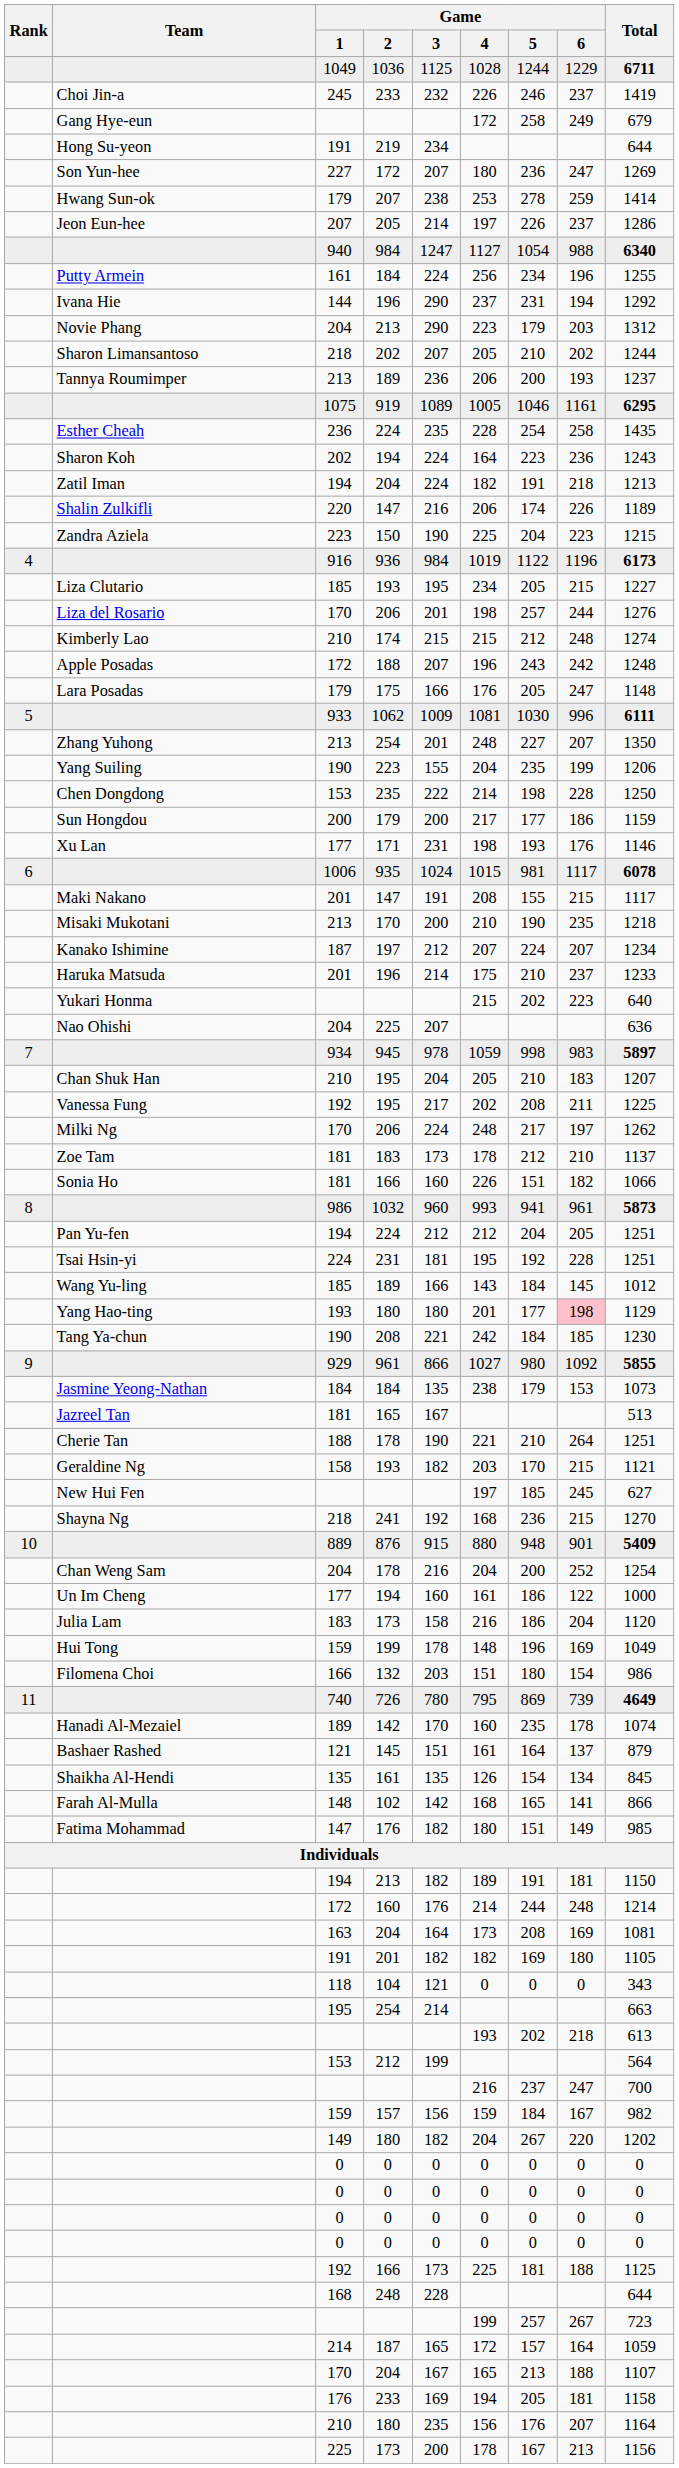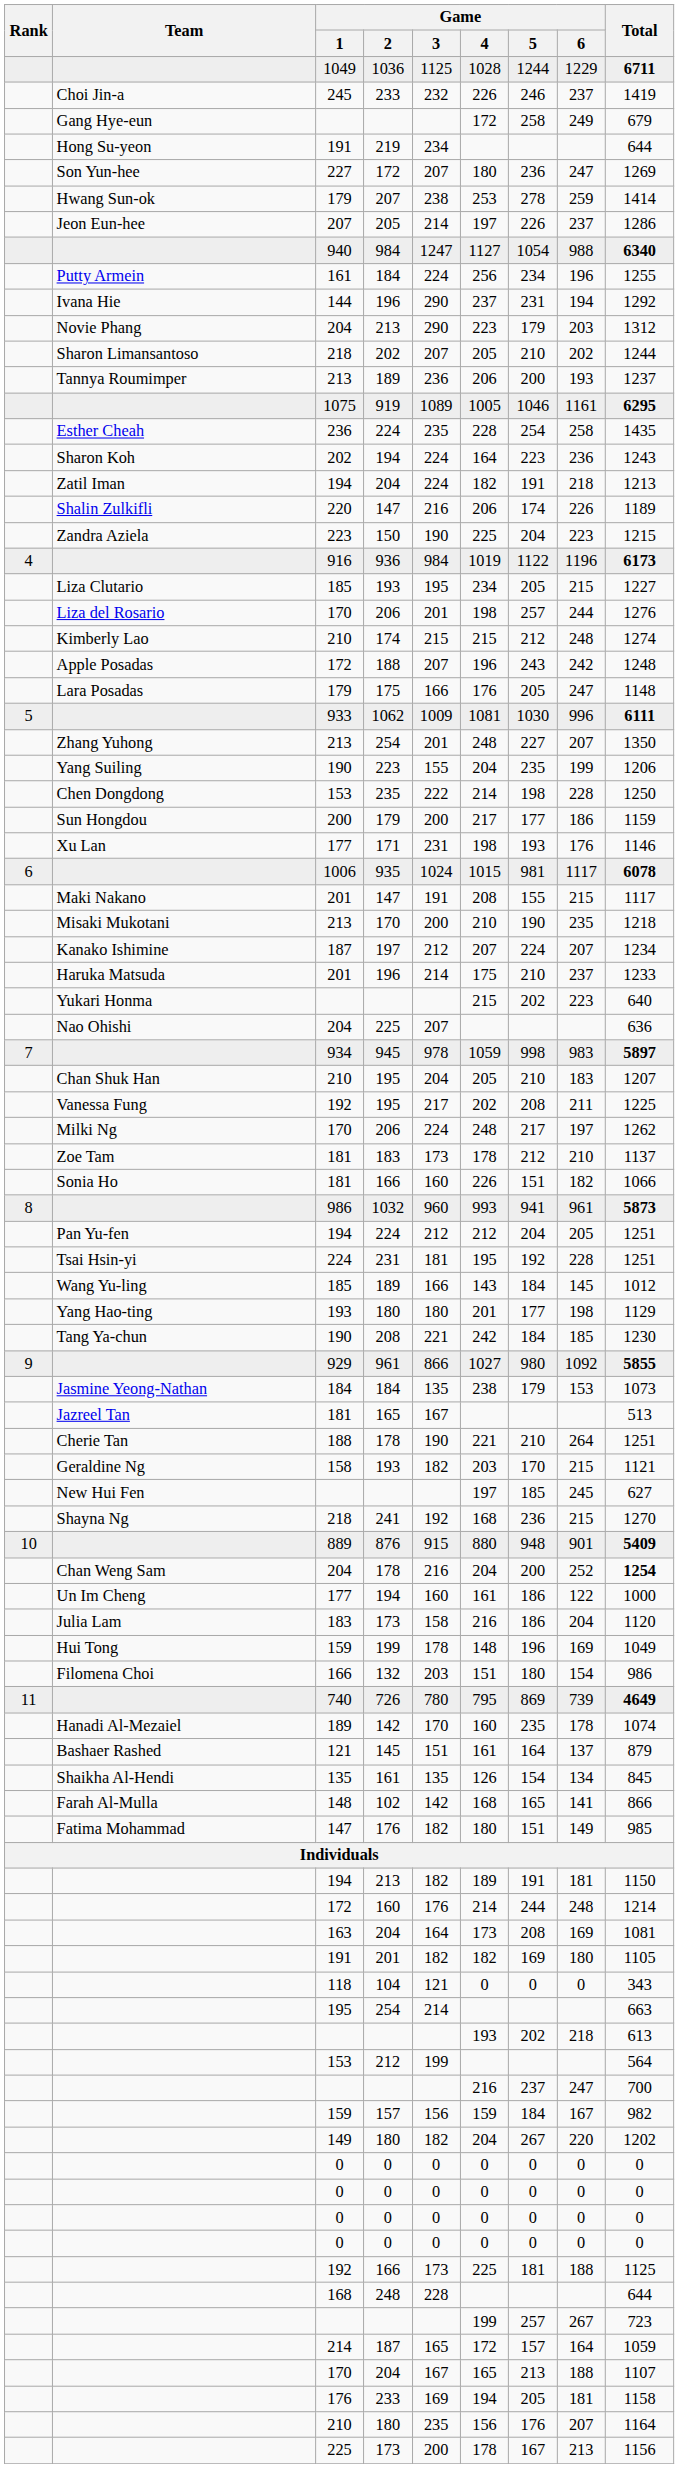 <table class=wikitable style="text-align:center">
 <tr>
 <th rowspan="2" width=40>Rank</th>
 <th rowspan="2" width=250>Team</th>
 <th colspan="6">Game</th>
 <th rowspan="2" width=60>Total</th>
 </tr>
 <tr>
 <th width=40>1</th>
 <th width=40>2</th>
 <th width=40>3</th>
 <th width=40>4</th>
 <th width=40>5</th>
 <th width=40>6</th>
 </tr>
 <tr bgcolor=eeeeee>
 <td></td>
 <td align=left></td>
 <td>1049</td>
 <td>1036</td>
 <td>1125</td>
 <td>1028</td>
 <td>1244</td>
 <td>1229</td>
 <td><strong>6711</strong></td>
 </tr>
 <tr>
 <td></td>
 <td align=left>Choi Jin-a</td>
 <td>245</td>
 <td>233</td>
 <td>232</td>
 <td>226</td>
 <td>246</td>
 <td>237</td>
 <td>1419</td>
 </tr>
 <tr>
 <td></td>
 <td align=left>Gang Hye-eun</td>
 <td></td>
 <td></td>
 <td></td>
 <td>172</td>
 <td>258</td>
 <td>249</td>
 <td>679</td>
 </tr>
 <tr>
 <td></td>
 <td align=left>Hong Su-yeon</td>
 <td>191</td>
 <td>219</td>
 <td>234</td>
 <td></td>
 <td></td>
 <td></td>
 <td>644</td>
 </tr>
 <tr>
 <td></td>
 <td align=left>Son Yun-hee</td>
 <td>227</td>
 <td>172</td>
 <td>207</td>
 <td>180</td>
 <td>236</td>
 <td>247</td>
 <td>1269</td>
 </tr>
 <tr>
 <td></td>
 <td align=left>Hwang Sun-ok</td>
 <td>179</td>
 <td>207</td>
 <td>238</td>
 <td>253</td>
 <td>278</td>
 <td>259</td>
 <td>1414</td>
 </tr>
 <tr>
 <td></td>
 <td align=left>Jeon Eun-hee</td>
 <td>207</td>
 <td>205</td>
 <td>214</td>
 <td>197</td>
 <td>226</td>
 <td>237</td>
 <td>1286</td>
 </tr>
 <tr bgcolor=eeeeee>
 <td></td>
 <td align=left></td>
 <td>940</td>
 <td>984</td>
 <td>1247</td>
 <td>1127</td>
 <td>1054</td>
 <td>988</td>
 <td><strong>6340</strong></td>
 </tr>
 <tr>
 <td></td>
 <td align=left><a href='#'>Putty Armein</a></td>
 <td>161</td>
 <td>184</td>
 <td>224</td>
 <td>256</td>
 <td>234</td>
 <td>196</td>
 <td>1255</td>
 </tr>
 <tr>
 <td></td>
 <td align=left>Ivana Hie</td>
 <td>144</td>
 <td>196</td>
 <td>290</td>
 <td>237</td>
 <td>231</td>
 <td>194</td>
 <td>1292</td>
 </tr>
 <tr>
 <td></td>
 <td align=left>Novie Phang</td>
 <td>204</td>
 <td>213</td>
 <td>290</td>
 <td>223</td>
 <td>179</td>
 <td>203</td>
 <td>1312</td>
 </tr>
 <tr>
 <td></td>
 <td align=left>Sharon Limansantoso</td>
 <td>218</td>
 <td>202</td>
 <td>207</td>
 <td>205</td>
 <td>210</td>
 <td>202</td>
 <td>1244</td>
 </tr>
 <tr>
 <td></td>
 <td align=left>Tannya Roumimper</td>
 <td>213</td>
 <td>189</td>
 <td>236</td>
 <td>206</td>
 <td>200</td>
 <td>193</td>
 <td>1237</td>
 </tr>
 <tr bgcolor=eeeeee>
 <td></td>
 <td align=left></td>
 <td>1075</td>
 <td>919</td>
 <td>1089</td>
 <td>1005</td>
 <td>1046</td>
 <td>1161</td>
 <td><strong>6295</strong></td>
 </tr>
 <tr>
 <td></td>
 <td align=left><a href='#'>Esther Cheah</a></td>
 <td>236</td>
 <td>224</td>
 <td>235</td>
 <td>228</td>
 <td>254</td>
 <td>258</td>
 <td>1435</td>
 </tr>
 <tr>
 <td></td>
 <td align=left>Sharon Koh</td>
 <td>202</td>
 <td>194</td>
 <td>224</td>
 <td>164</td>
 <td>223</td>
 <td>236</td>
 <td>1243</td>
 </tr>
 <tr>
 <td></td>
 <td align=left>Zatil Iman</td>
 <td>194</td>
 <td>204</td>
 <td>224</td>
 <td>182</td>
 <td>191</td>
 <td>218</td>
 <td>1213</td>
 </tr>
 <tr>
 <td></td>
 <td align=left><a href='#'>Shalin Zulkifli</a></td>
 <td>220</td>
 <td>147</td>
 <td>216</td>
 <td>206</td>
 <td>174</td>
 <td>226</td>
 <td>1189</td>
 </tr>
 <tr>
 <td></td>
 <td align=left>Zandra Aziela</td>
 <td>223</td>
 <td>150</td>
 <td>190</td>
 <td>225</td>
 <td>204</td>
 <td>223</td>
 <td>1215</td>
 </tr>
 <tr bgcolor=eeeeee>
 <td>4</td>
 <td align=left></td>
 <td>916</td>
 <td>936</td>
 <td>984</td>
 <td>1019</td>
 <td>1122</td>
 <td>1196</td>
 <td><strong>6173</strong></td>
 </tr>
 <tr>
 <td></td>
 <td align=left>Liza Clutario</td>
 <td>185</td>
 <td>193</td>
 <td>195</td>
 <td>234</td>
 <td>205</td>
 <td>215</td>
 <td>1227</td>
 </tr>
 <tr>
 <td></td>
 <td align=left><a href='#'>Liza del Rosario</a></td>
 <td>170</td>
 <td>206</td>
 <td>201</td>
 <td>198</td>
 <td>257</td>
 <td>244</td>
 <td>1276</td>
 </tr>
 <tr>
 <td></td>
 <td align=left>Kimberly Lao</td>
 <td>210</td>
 <td>174</td>
 <td>215</td>
 <td>215</td>
 <td>212</td>
 <td>248</td>
 <td>1274</td>
 </tr>
 <tr>
 <td></td>
 <td align=left>Apple Posadas</td>
 <td>172</td>
 <td>188</td>
 <td>207</td>
 <td>196</td>
 <td>243</td>
 <td>242</td>
 <td>1248</td>
 </tr>
 <tr>
 <td></td>
 <td align=left>Lara Posadas</td>
 <td>179</td>
 <td>175</td>
 <td>166</td>
 <td>176</td>
 <td>205</td>
 <td>247</td>
 <td>1148</td>
 </tr>
 <tr bgcolor=eeeeee>
 <td>5</td>
 <td align=left></td>
 <td>933</td>
 <td>1062</td>
 <td>1009</td>
 <td>1081</td>
 <td>1030</td>
 <td>996</td>
 <td><strong>6111</strong></td>
 </tr>
 <tr>
 <td></td>
 <td align=left>Zhang Yuhong</td>
 <td>213</td>
 <td>254</td>
 <td>201</td>
 <td>248</td>
 <td>227</td>
 <td>207</td>
 <td>1350</td>
 </tr>
 <tr>
 <td></td>
 <td align=left>Yang Suiling</td>
 <td>190</td>
 <td>223</td>
 <td>155</td>
 <td>204</td>
 <td>235</td>
 <td>199</td>
 <td>1206</td>
 </tr>
 <tr>
 <td></td>
 <td align=left>Chen Dongdong</td>
 <td>153</td>
 <td>235</td>
 <td>222</td>
 <td>214</td>
 <td>198</td>
 <td>228</td>
 <td>1250</td>
 </tr>
 <tr>
 <td></td>
 <td align=left>Sun Hongdou</td>
 <td>200</td>
 <td>179</td>
 <td>200</td>
 <td>217</td>
 <td>177</td>
 <td>186</td>
 <td>1159</td>
 </tr>
 <tr>
 <td></td>
 <td align=left>Xu Lan</td>
 <td>177</td>
 <td>171</td>
 <td>231</td>
 <td>198</td>
 <td>193</td>
 <td>176</td>
 <td>1146</td>
 </tr>
 <tr bgcolor=eeeeee>
 <td>6</td>
 <td align=left></td>
 <td>1006</td>
 <td>935</td>
 <td>1024</td>
 <td>1015</td>
 <td>981</td>
 <td>1117</td>
 <td><strong>6078</strong></td>
 </tr>
 <tr>
 <td></td>
 <td align=left>Maki Nakano</td>
 <td>201</td>
 <td>147</td>
 <td>191</td>
 <td>208</td>
 <td>155</td>
 <td>215</td>
 <td>1117</td>
 </tr>
 <tr>
 <td></td>
 <td align=left>Misaki Mukotani</td>
 <td>213</td>
 <td>170</td>
 <td>200</td>
 <td>210</td>
 <td>190</td>
 <td>235</td>
 <td>1218</td>
 </tr>
 <tr>
 <td></td>
 <td align=left>Kanako Ishimine</td>
 <td>187</td>
 <td>197</td>
 <td>212</td>
 <td>207</td>
 <td>224</td>
 <td>207</td>
 <td>1234</td>
 </tr>
 <tr>
 <td></td>
 <td align=left>Haruka Matsuda</td>
 <td>201</td>
 <td>196</td>
 <td>214</td>
 <td>175</td>
 <td>210</td>
 <td>237</td>
 <td>1233</td>
 </tr>
 <tr>
 <td></td>
 <td align=left>Yukari Honma</td>
 <td></td>
 <td></td>
 <td></td>
 <td>215</td>
 <td>202</td>
 <td>223</td>
 <td>640</td>
 </tr>
 <tr>
 <td></td>
 <td align=left>Nao Ohishi</td>
 <td>204</td>
 <td>225</td>
 <td>207</td>
 <td></td>
 <td></td>
 <td></td>
 <td>636</td>
 </tr>
 <tr bgcolor=eeeeee>
 <td>7</td>
 <td align=left></td>
 <td>934</td>
 <td>945</td>
 <td>978</td>
 <td>1059</td>
 <td>998</td>
 <td>983</td>
 <td><strong>5897</strong></td>
 </tr>
 <tr>
 <td></td>
 <td align=left>Chan Shuk Han</td>
 <td>210</td>
 <td>195</td>
 <td>204</td>
 <td>205</td>
 <td>210</td>
 <td>183</td>
 <td>1207</td>
 </tr>
 <tr>
 <td></td>
 <td align=left>Vanessa Fung</td>
 <td>192</td>
 <td>195</td>
 <td>217</td>
 <td>202</td>
 <td>208</td>
 <td>211</td>
 <td>1225</td>
 </tr>
 <tr>
 <td></td>
 <td align=left>Milki Ng</td>
 <td>170</td>
 <td>206</td>
 <td>224</td>
 <td>248</td>
 <td>217</td>
 <td>197</td>
 <td>1262</td>
 </tr>
 <tr>
 <td></td>
 <td align=left>Zoe Tam</td>
 <td>181</td>
 <td>183</td>
 <td>173</td>
 <td>178</td>
 <td>212</td>
 <td>210</td>
 <td>1137</td>
 </tr>
 <tr>
 <td></td>
 <td align=left>Sonia Ho</td>
 <td>181</td>
 <td>166</td>
 <td>160</td>
 <td>226</td>
 <td>151</td>
 <td>182</td>
 <td>1066</td>
 </tr>
 <tr bgcolor=eeeeee>
 <td>8</td>
 <td align=left></td>
 <td>986</td>
 <td>1032</td>
 <td>960</td>
 <td>993</td>
 <td>941</td>
 <td>961</td>
 <td><strong>5873</strong></td>
 </tr>
 <tr>
 <td></td>
 <td align=left>Pan Yu-fen</td>
 <td>194</td>
 <td>224</td>
 <td>212</td>
 <td>212</td>
 <td>204</td>
 <td>205</td>
 <td>1251</td>
 </tr>
 <tr>
 <td></td>
 <td align=left>Tsai Hsin-yi</td>
 <td>224</td>
 <td>231</td>
 <td>181</td>
 <td>195</td>
 <td>192</td>
 <td>228</td>
 <td>1251</td>
 </tr>
 <tr>
 <td></td>
 <td align=left>Wang Yu-ling</td>
 <td>185</td>
 <td>189</td>
 <td>166</td>
 <td>143</td>
 <td>184</td>
 <td>145</td>
 <td>1012</td>
 </tr>
 <tr>
 <td></td>
 <td align=left>Yang Hao-ting</td>
 <td>193</td>
 <td>180</td>
 <td>180</td>
 <td>201</td>
 <td>177</td>
-<td style="background: pink;">198</td>
+<td>198</td>
 <td>1129</td>
 </tr>
 <tr>
 <td></td>
 <td align=left>Tang Ya-chun</td>
 <td>190</td>
 <td>208</td>
 <td>221</td>
 <td>242</td>
 <td>184</td>
 <td>185</td>
 <td>1230</td>
 </tr>
 <tr bgcolor=eeeeee>
 <td>9</td>
 <td align=left></td>
 <td>929</td>
 <td>961</td>
 <td>866</td>
 <td>1027</td>
 <td>980</td>
 <td>1092</td>
 <td><strong>5855</strong></td>
 </tr>
 <tr>
 <td></td>
 <td align=left><a href='#'>Jasmine Yeong-Nathan</a></td>
 <td>184</td>
 <td>184</td>
 <td>135</td>
 <td>238</td>
 <td>179</td>
 <td>153</td>
 <td>1073</td>
 </tr>
 <tr>
 <td></td>
 <td align=left><a href='#'>Jazreel Tan</a></td>
 <td>181</td>
 <td>165</td>
 <td>167</td>
 <td></td>
 <td></td>
 <td></td>
 <td>513</td>
 </tr>
 <tr>
 <td></td>
 <td align=left>Cherie Tan</td>
 <td>188</td>
 <td>178</td>
 <td>190</td>
 <td>221</td>
 <td>210</td>
 <td>264</td>
 <td>1251</td>
 </tr>
 <tr>
 <td></td>
 <td align=left>Geraldine Ng</td>
 <td>158</td>
 <td>193</td>
 <td>182</td>
 <td>203</td>
 <td>170</td>
 <td>215</td>
 <td>1121</td>
 </tr>
 <tr>
 <td></td>
 <td align=left>New Hui Fen</td>
 <td></td>
 <td></td>
 <td></td>
 <td>197</td>
 <td>185</td>
 <td>245</td>
 <td>627</td>
 </tr>
 <tr>
 <td></td>
 <td align=left>Shayna Ng</td>
 <td>218</td>
 <td>241</td>
 <td>192</td>
 <td>168</td>
 <td>236</td>
 <td>215</td>
 <td>1270</td>
 </tr>
 <tr bgcolor=eeeeee>
 <td>10</td>
 <td align=left></td>
 <td>889</td>
 <td>876</td>
 <td>915</td>
 <td>880</td>
 <td>948</td>
 <td>901</td>
 <td><strong>5409</strong></td>
 </tr>
 <tr>
 <td></td>
 <td align=left>Chan Weng Sam</td>
 <td>204</td>
 <td>178</td>
 <td>216</td>
 <td>204</td>
 <td>200</td>
 <td>252</td>
-<td>1254</td>
+<td><strong>1254</strong></td>
 </tr>
 <tr>
 <td></td>
 <td align=left>Un Im Cheng</td>
 <td>177</td>
 <td>194</td>
 <td>160</td>
 <td>161</td>
 <td>186</td>
 <td>122</td>
 <td>1000</td>
 </tr>
 <tr>
 <td></td>
 <td align=left>Julia Lam</td>
 <td>183</td>
 <td>173</td>
 <td>158</td>
 <td>216</td>
 <td>186</td>
 <td>204</td>
 <td>1120</td>
 </tr>
 <tr>
 <td></td>
 <td align=left>Hui Tong</td>
 <td>159</td>
 <td>199</td>
 <td>178</td>
 <td>148</td>
 <td>196</td>
 <td>169</td>
 <td>1049</td>
 </tr>
 <tr>
 <td></td>
 <td align=left>Filomena Choi</td>
 <td>166</td>
 <td>132</td>
 <td>203</td>
 <td>151</td>
 <td>180</td>
 <td>154</td>
 <td>986</td>
 </tr>
 <tr bgcolor=eeeeee>
 <td>11</td>
 <td align=left></td>
 <td>740</td>
 <td>726</td>
 <td>780</td>
 <td>795</td>
 <td>869</td>
 <td>739</td>
 <td><strong>4649</strong></td>
 </tr>
 <tr>
 <td></td>
 <td align=left>Hanadi Al-Mezaiel</td>
 <td>189</td>
 <td>142</td>
 <td>170</td>
 <td>160</td>
 <td>235</td>
 <td>178</td>
 <td>1074</td>
 </tr>
 <tr>
 <td></td>
 <td align=left>Bashaer Rashed</td>
 <td>121</td>
 <td>145</td>
 <td>151</td>
 <td>161</td>
 <td>164</td>
 <td>137</td>
 <td>879</td>
 </tr>
 <tr>
 <td></td>
 <td align=left>Shaikha Al-Hendi</td>
 <td>135</td>
 <td>161</td>
 <td>135</td>
 <td>126</td>
 <td>154</td>
 <td>134</td>
 <td>845</td>
 </tr>
 <tr>
 <td></td>
 <td align=left>Farah Al-Mulla</td>
 <td>148</td>
 <td>102</td>
 <td>142</td>
 <td>168</td>
 <td>165</td>
 <td>141</td>
 <td>866</td>
 </tr>
 <tr>
 <td></td>
 <td align=left>Fatima Mohammad</td>
 <td>147</td>
 <td>176</td>
 <td>182</td>
 <td>180</td>
 <td>151</td>
 <td>149</td>
 <td>985</td>
 </tr>
 <tr>
 <th colspan=9>Individuals</th>
 </tr>
 <tr>
 <td></td>
 <td align=left></td>
 <td>194</td>
 <td>213</td>
 <td>182</td>
 <td>189</td>
 <td>191</td>
 <td>181</td>
 <td>1150</td>
 </tr>
 <tr>
 <td></td>
 <td align=left></td>
 <td>172</td>
 <td>160</td>
 <td>176</td>
 <td>214</td>
 <td>244</td>
 <td>248</td>
 <td>1214</td>
 </tr>
 <tr>
 <td></td>
 <td align=left></td>
 <td>163</td>
 <td>204</td>
 <td>164</td>
 <td>173</td>
 <td>208</td>
 <td>169</td>
 <td>1081</td>
 </tr>
 <tr>
 <td></td>
 <td align=left></td>
 <td>191</td>
 <td>201</td>
 <td>182</td>
 <td>182</td>
 <td>169</td>
 <td>180</td>
 <td>1105</td>
 </tr>
 <tr>
 <td></td>
 <td align=left></td>
 <td>118</td>
 <td>104</td>
 <td>121</td>
 <td>0</td>
 <td>0</td>
 <td>0</td>
 <td>343</td>
 </tr>
 <tr>
 <td></td>
 <td align=left></td>
 <td>195</td>
 <td>254</td>
 <td>214</td>
 <td></td>
 <td></td>
 <td></td>
 <td>663</td>
 </tr>
 <tr>
 <td></td>
 <td align=left></td>
 <td></td>
 <td></td>
 <td></td>
 <td>193</td>
 <td>202</td>
 <td>218</td>
 <td>613</td>
 </tr>
 <tr>
 <td></td>
 <td align=left></td>
 <td>153</td>
 <td>212</td>
 <td>199</td>
 <td></td>
 <td></td>
 <td></td>
 <td>564</td>
 </tr>
 <tr>
 <td></td>
 <td align=left></td>
 <td></td>
 <td></td>
 <td></td>
 <td>216</td>
 <td>237</td>
 <td>247</td>
 <td>700</td>
 </tr>
 <tr>
 <td></td>
 <td align=left></td>
 <td>159</td>
 <td>157</td>
 <td>156</td>
 <td>159</td>
 <td>184</td>
 <td>167</td>
 <td>982</td>
 </tr>
 <tr>
 <td></td>
 <td align=left></td>
 <td>149</td>
 <td>180</td>
 <td>182</td>
 <td>204</td>
 <td>267</td>
 <td>220</td>
 <td>1202</td>
 </tr>
 <tr>
 <td></td>
 <td align=left></td>
 <td>0</td>
 <td>0</td>
 <td>0</td>
 <td>0</td>
 <td>0</td>
 <td>0</td>
 <td>0</td>
 </tr>
 <tr>
 <td></td>
 <td align=left></td>
 <td>0</td>
 <td>0</td>
 <td>0</td>
 <td>0</td>
 <td>0</td>
 <td>0</td>
 <td>0</td>
 </tr>
 <tr>
 <td></td>
 <td align=left></td>
 <td>0</td>
 <td>0</td>
 <td>0</td>
 <td>0</td>
 <td>0</td>
 <td>0</td>
 <td>0</td>
 </tr>
 <tr>
 <td></td>
 <td align=left></td>
 <td>0</td>
 <td>0</td>
 <td>0</td>
 <td>0</td>
 <td>0</td>
 <td>0</td>
 <td>0</td>
 </tr>
 <tr>
 <td></td>
 <td align=left></td>
 <td>192</td>
 <td>166</td>
 <td>173</td>
 <td>225</td>
 <td>181</td>
 <td>188</td>
 <td>1125</td>
 </tr>
 <tr>
 <td></td>
 <td align=left></td>
 <td>168</td>
 <td>248</td>
 <td>228</td>
 <td></td>
 <td></td>
 <td></td>
 <td>644</td>
 </tr>
 <tr>
 <td></td>
 <td align=left></td>
 <td></td>
 <td></td>
 <td></td>
 <td>199</td>
 <td>257</td>
 <td>267</td>
 <td>723</td>
 </tr>
 <tr>
 <td></td>
 <td align=left></td>
 <td>214</td>
 <td>187</td>
 <td>165</td>
 <td>172</td>
 <td>157</td>
 <td>164</td>
 <td>1059</td>
 </tr>
 <tr>
 <td></td>
 <td align=left></td>
 <td>170</td>
 <td>204</td>
 <td>167</td>
 <td>165</td>
 <td>213</td>
 <td>188</td>
 <td>1107</td>
 </tr>
 <tr>
 <td></td>
 <td align=left></td>
 <td>176</td>
 <td>233</td>
 <td>169</td>
 <td>194</td>
 <td>205</td>
 <td>181</td>
 <td>1158</td>
 </tr>
 <tr>
 <td></td>
 <td align=left></td>
 <td>210</td>
 <td>180</td>
 <td>235</td>
 <td>156</td>
 <td>176</td>
 <td>207</td>
 <td>1164</td>
 </tr>
 <tr>
 <td></td>
 <td align=left></td>
 <td>225</td>
 <td>173</td>
 <td>200</td>
 <td>178</td>
 <td>167</td>
 <td>213</td>
 <td>1156</td>
 </tr>
 </table>
